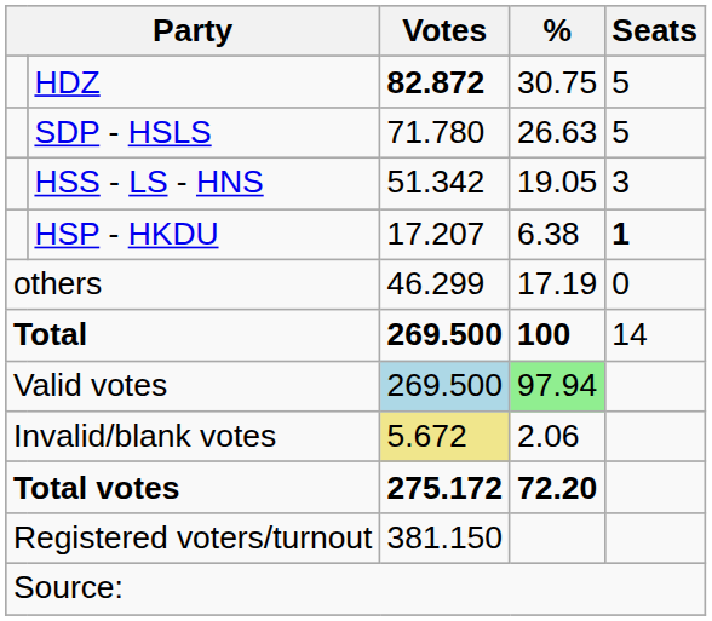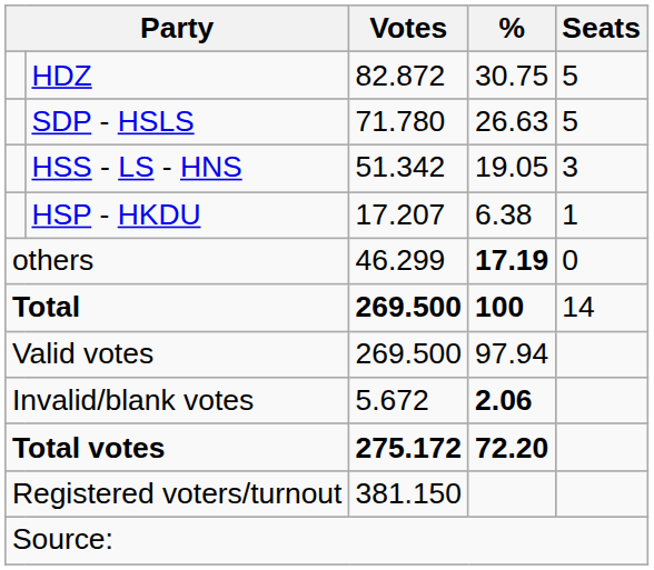 <table class="wikitable" style="text-align: left;">
 <tr>
 <th colspan="2">Party</th>
 <th>Votes</th>
 <th>%</th>
 <th>Seats</th>
 </tr>
 <tr>
 <td style="background-color: "></td>
 <td><a href='#'>HDZ</a></td>
-<td><strong>82.872</strong></td>
+<td>82.872</td>
 <td>30.75</td>
 <td>5</td>
 </tr>
 <tr>
 <td style="background-color: "></td>
 <td><a href='#'>SDP</a> - <a href='#'>HSLS</a></td>
 <td>71.780</td>
 <td>26.63</td>
 <td>5</td>
 </tr>
 <tr>
 <td style="background-color: "></td>
 <td><a href='#'>HSS</a> - <a href='#'>LS</a> - <a href='#'>HNS</a></td>
 <td>51.342</td>
 <td>19.05</td>
 <td>3</td>
 </tr>
 <tr>
 <td style="background-color: "></td>
 <td><a href='#'>HSP</a> - <a href='#'>HKDU</a></td>
 <td>17.207</td>
 <td>6.38</td>
-<td><strong>1</strong></td>
+<td>1</td>
 </tr>
 <tr>
 <td colspan="2">others</td>
 <td>46.299</td>
-<td>17.19</td>
+<td><strong>17.19</strong></td>
 <td>0</td>
 </tr>
 <tr>
 <td colspan="2"><strong>Total</strong></td>
 <td><strong>269.500</strong></td>
 <td><strong>100</strong></td>
 <td>14</td>
 </tr>
 <tr>
 <td colspan="2">Valid votes</td>
-<td style="background: lightblue;">269.500</td>
-<td style="background: lightgreen;">97.94</td>
+<td>269.500</td>
+<td>97.94</td>
 <td></td>
 </tr>
 <tr>
 <td colspan="2">Invalid/blank votes</td>
-<td style="background: khaki;">5.672</td>
-<td>2.06</td>
+<td>5.672</td>
+<td><strong>2.06</strong></td>
 <td></td>
 </tr>
 <tr>
 <td colspan="2"><strong>Total votes</strong></td>
 <td><strong>275.172</strong></td>
 <td><strong>72.20</strong></td>
 <td></td>
 </tr>
 <tr>
 <td colspan="2">Registered voters/turnout</td>
 <td votes14="5343">381.150</td>
 <td></td>
 <td></td>
 </tr>
 <tr>
 <td colspan="5">Source: </td>
 </tr>
 </table>
